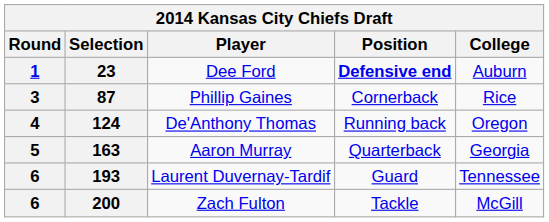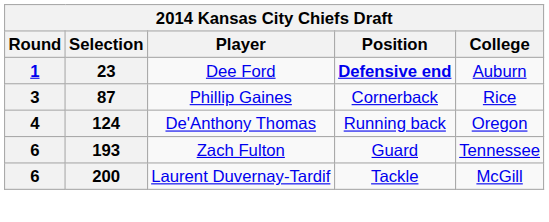 <table class="wikitable" style="font-size: 95%; text-align: center;">
 <tr>
 <th colspan=5>2014 Kansas City Chiefs Draft</th>
 </tr>
 <tr>
 <th>Round</th>
 <th>Selection</th>
 <th>Player</th>
 <th>Position</th>
 <th>College</th>
 </tr>
 <tr>
 <th><a href='#'>1</a></th>
 <th>23</th>
 <td><a href='#'>Dee Ford</a></td>
 <td><strong><a href='#'>Defensive end</a></strong></td>
 <td><a href='#'>Auburn</a></td>
 </tr>
 <tr>
 <th>3</th>
 <th>87</th>
 <td><a href='#'>Phillip Gaines</a></td>
 <td><a href='#'>Cornerback</a></td>
 <td><a href='#'>Rice</a></td>
 </tr>
 <tr>
 <th>4</th>
 <th>124</th>
 <td><a href='#'>De'Anthony Thomas</a></td>
 <td><a href='#'>Running back</a></td>
 <td><a href='#'>Oregon</a></td>
 </tr>
 <tr>
-<th>5</th>
-<th>163</th>
-<td><a href='#'>Aaron Murray</a></td>
-<td><a href='#'>Quarterback</a></td>
-<td><a href='#'>Georgia</a></td>
-</tr>
-<tr>
 <th>6</th>
 <th>193</th>
-<td><a href='#'>Laurent Duvernay-Tardif</a></td>
+<td><a href='#'>Zach Fulton</a></td>
 <td><a href='#'>Guard</a></td>
 <td><a href='#'>Tennessee</a></td>
 </tr>
 <tr>
 <th>6</th>
 <th>200</th>
-<td><a href='#'>Zach Fulton</a></td>
+<td><a href='#'>Laurent Duvernay-Tardif</a></td>
 <td><a href='#'>Tackle</a></td>
 <td><a href='#'>McGill</a></td>
 </tr>
 </table>
